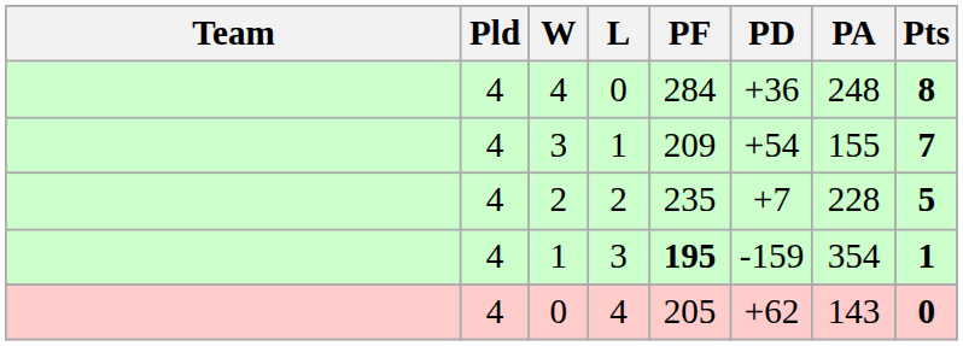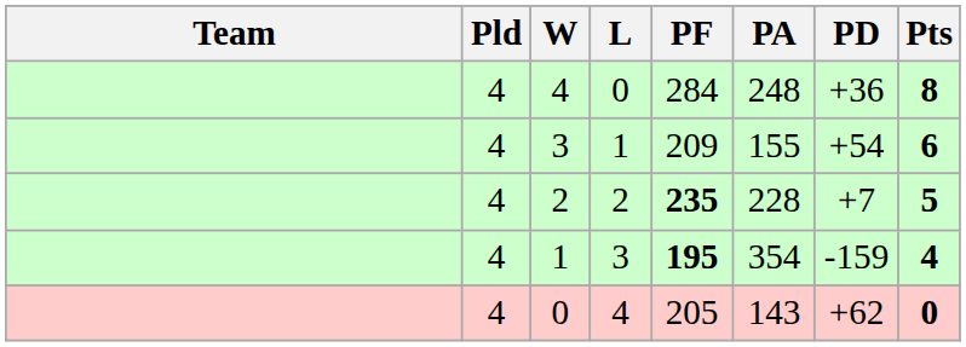 <table class="wikitable" style="text-align:center;">
 <tr>
 <th width=200>Team</th>
 <th width=20>Pld</th>
 <th width=20>W</th>
 <th width=20>L</th>
 <th width=30>PF</th>
+<th width=30>PA</th>
 <th width=30>PD</th>
-<th width=30>PA</th>
 <th width=20>Pts</th>
 </tr>
 <tr style="background:#cfc;">
 <td align=left></td>
 <td>4</td>
 <td>4</td>
 <td>0</td>
 <td>284</td>
+<td>248</td>
 <td>+36</td>
-<td>248</td>
 <td><strong>8</strong></td>
 </tr>
 <tr style="background:#cfc;">
 <td align=left></td>
 <td>4</td>
 <td>3</td>
 <td>1</td>
 <td>209</td>
+<td>155</td>
 <td>+54</td>
-<td>155</td>
-<td><strong>7</strong></td>
+<td><strong>6</strong></td>
 </tr>
 <tr style="background:#cfc;">
 <td align=left></td>
 <td>4</td>
 <td>2</td>
 <td>2</td>
-<td>235</td>
+<td><strong>235</strong></td>
+<td>228</td>
 <td>+7</td>
-<td>228</td>
 <td><strong>5</strong></td>
 </tr>
 <tr style="background:#cfc;">
 <td align=left></td>
 <td>4</td>
 <td>1</td>
 <td>3</td>
 <td><strong>195</strong></td>
+<td>354</td>
 <td>-159</td>
-<td>354</td>
-<td><strong>1</strong></td>
+<td><strong>4</strong></td>
 </tr>
 <tr style="background:#fcc;">
 <td align=left></td>
 <td>4</td>
 <td>0</td>
 <td>4</td>
 <td>205</td>
+<td>143</td>
 <td>+62</td>
-<td>143</td>
 <td><strong>0</strong></td>
 </tr>
 </table>
